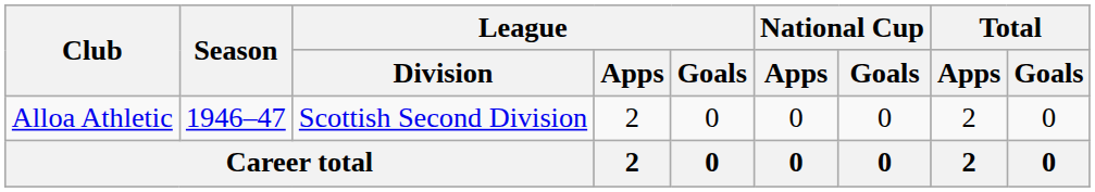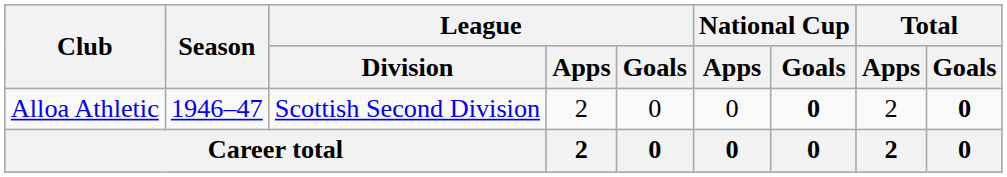 <table class="wikitable" style="text-align: center;">
 <tr>
 <th rowspan="2">Club</th>
 <th rowspan="2">Season</th>
 <th colspan="3">League</th>
 <th colspan="2">National Cup</th>
 <th colspan="2">Total</th>
 </tr>
 <tr>
 <th>Division</th>
 <th>Apps</th>
 <th>Goals</th>
 <th>Apps</th>
 <th>Goals</th>
 <th>Apps</th>
 <th>Goals</th>
 </tr>
 <tr>
 <td><a href='#'>Alloa Athletic</a></td>
 <td><a href='#'>1946–47</a></td>
 <td><a href='#'>Scottish Second Division</a></td>
 <td>2</td>
 <td>0</td>
 <td>0</td>
-<td>0</td>
+<td><strong>0</strong></td>
 <td>2</td>
-<td>0</td>
+<td><strong>0</strong></td>
 </tr>
 <tr>
 <th colspan="3">Career total</th>
 <th>2</th>
 <th>0</th>
 <th>0</th>
 <th>0</th>
 <th>2</th>
 <th>0</th>
 </tr>
 </table>
